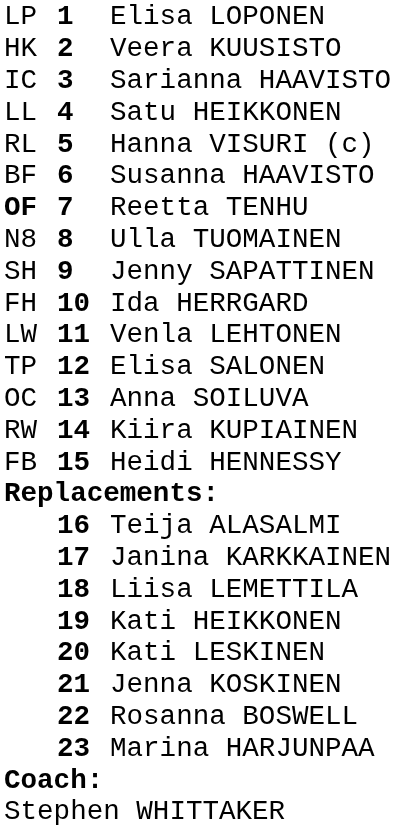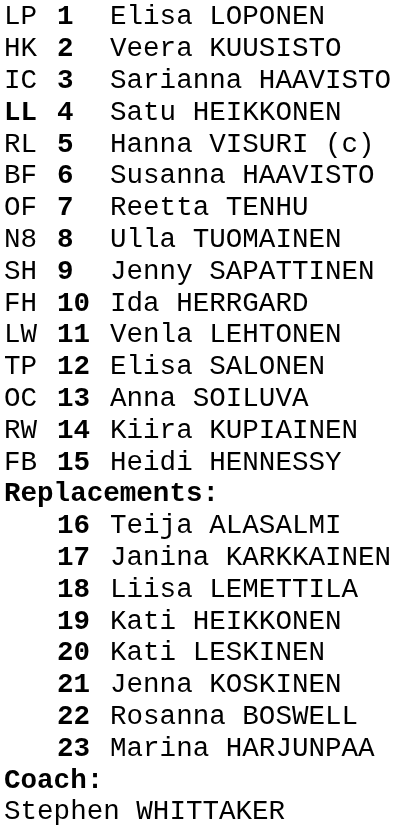 <table cellpadding="0" cellspacing="0">
 <tr>
 <th width="25"></th>
 <th width="25"></th>
 </tr>
 <tr>
 <td>LP</td>
 <td><strong>1</strong></td>
 <td>Elisa LOPONEN</td>
 <td></td>
 <td></td>
 </tr>
 <tr>
 <td>HK</td>
 <td><strong>2</strong></td>
 <td>Veera KUUSISTO</td>
 <td></td>
 <td></td>
 </tr>
 <tr>
 <td>IC</td>
 <td><strong>3</strong></td>
 <td>Sarianna HAAVISTO</td>
 <td></td>
 <td></td>
 </tr>
 <tr>
-<td>LL</td>
+<td><strong>LL</strong></td>
 <td><strong>4</strong></td>
 <td>Satu HEIKKONEN</td>
 <td></td>
 <td></td>
 </tr>
 <tr>
 <td>RL</td>
 <td><strong>5</strong></td>
 <td>Hanna VISURI (c)</td>
 <td></td>
 <td></td>
 </tr>
 <tr>
 <td>BF</td>
 <td><strong>6</strong></td>
 <td>Susanna HAAVISTO</td>
 <td></td>
 <td></td>
 </tr>
 <tr>
-<td><strong>OF</strong></td>
+<td>OF</td>
 <td><strong>7</strong></td>
 <td>Reetta TENHU</td>
 <td></td>
 <td></td>
 </tr>
 <tr>
 <td>N8</td>
 <td><strong>8</strong></td>
 <td>Ulla TUOMAINEN</td>
 <td></td>
 <td></td>
 </tr>
 <tr>
 <td>SH</td>
 <td><strong>9</strong></td>
 <td>Jenny SAPATTINEN</td>
 <td></td>
 <td></td>
 </tr>
 <tr>
 <td>FH</td>
 <td><strong>10</strong></td>
 <td>Ida HERRGARD</td>
 <td></td>
 <td></td>
 </tr>
 <tr>
 <td>LW</td>
 <td><strong>11</strong></td>
 <td>Venla LEHTONEN</td>
 <td></td>
 <td></td>
 </tr>
 <tr>
 <td>TP</td>
 <td><strong>12</strong></td>
 <td>Elisa SALONEN</td>
 <td></td>
 <td></td>
 </tr>
 <tr>
 <td>OC</td>
 <td><strong>13</strong></td>
 <td>Anna SOILUVA</td>
 <td></td>
 <td></td>
 </tr>
 <tr>
 <td>RW</td>
 <td><strong>14</strong></td>
 <td>Kiira KUPIAINEN</td>
 <td></td>
 <td></td>
 </tr>
 <tr>
 <td>FB</td>
 <td><strong>15</strong></td>
 <td>Heidi HENNESSY</td>
 <td></td>
 <td></td>
 </tr>
 <tr>
 <td colspan="3"><strong>Replacements:</strong></td>
 </tr>
 <tr>
 <td></td>
 <td><strong>16</strong></td>
 <td>Teija ALASALMI</td>
 <td></td>
 <td></td>
 </tr>
 <tr>
 <td></td>
 <td><strong>17</strong></td>
 <td>Janina KARKKAINEN</td>
 <td></td>
 <td></td>
 </tr>
 <tr>
 <td></td>
 <td><strong>18</strong></td>
 <td>Liisa LEMETTILA</td>
 <td></td>
 <td></td>
 </tr>
 <tr>
 <td></td>
 <td><strong>19</strong></td>
 <td>Kati HEIKKONEN</td>
 <td></td>
 <td></td>
 </tr>
 <tr>
 <td></td>
 <td><strong>20</strong></td>
 <td>Kati LESKINEN</td>
 <td></td>
 <td></td>
 </tr>
 <tr>
 <td></td>
 <td><strong>21</strong></td>
 <td>Jenna KOSKINEN</td>
 <td></td>
 <td></td>
 </tr>
 <tr>
 <td></td>
 <td><strong>22</strong></td>
 <td>Rosanna BOSWELL</td>
 <td></td>
 <td></td>
 </tr>
 <tr>
 <td></td>
 <td><strong>23</strong></td>
 <td>Marina HARJUNPAA</td>
 <td></td>
 <td></td>
 </tr>
 <tr>
 <td colspan="3"><strong>Coach:</strong></td>
 </tr>
 <tr>
 <td colspan="4">Stephen WHITTAKER</td>
 </tr>
 </table>
